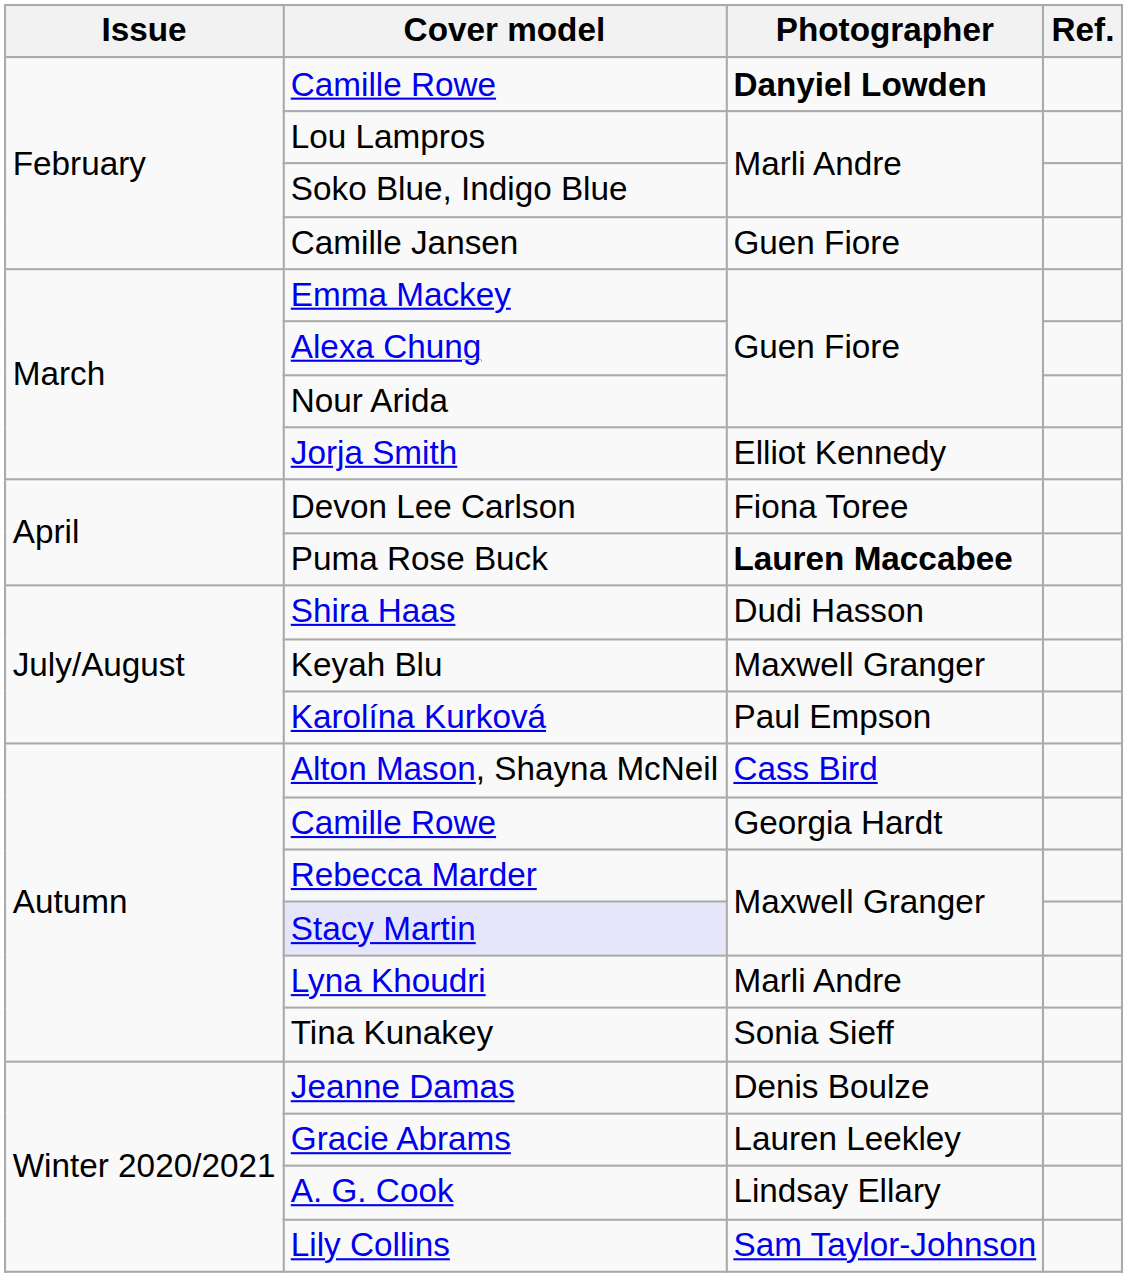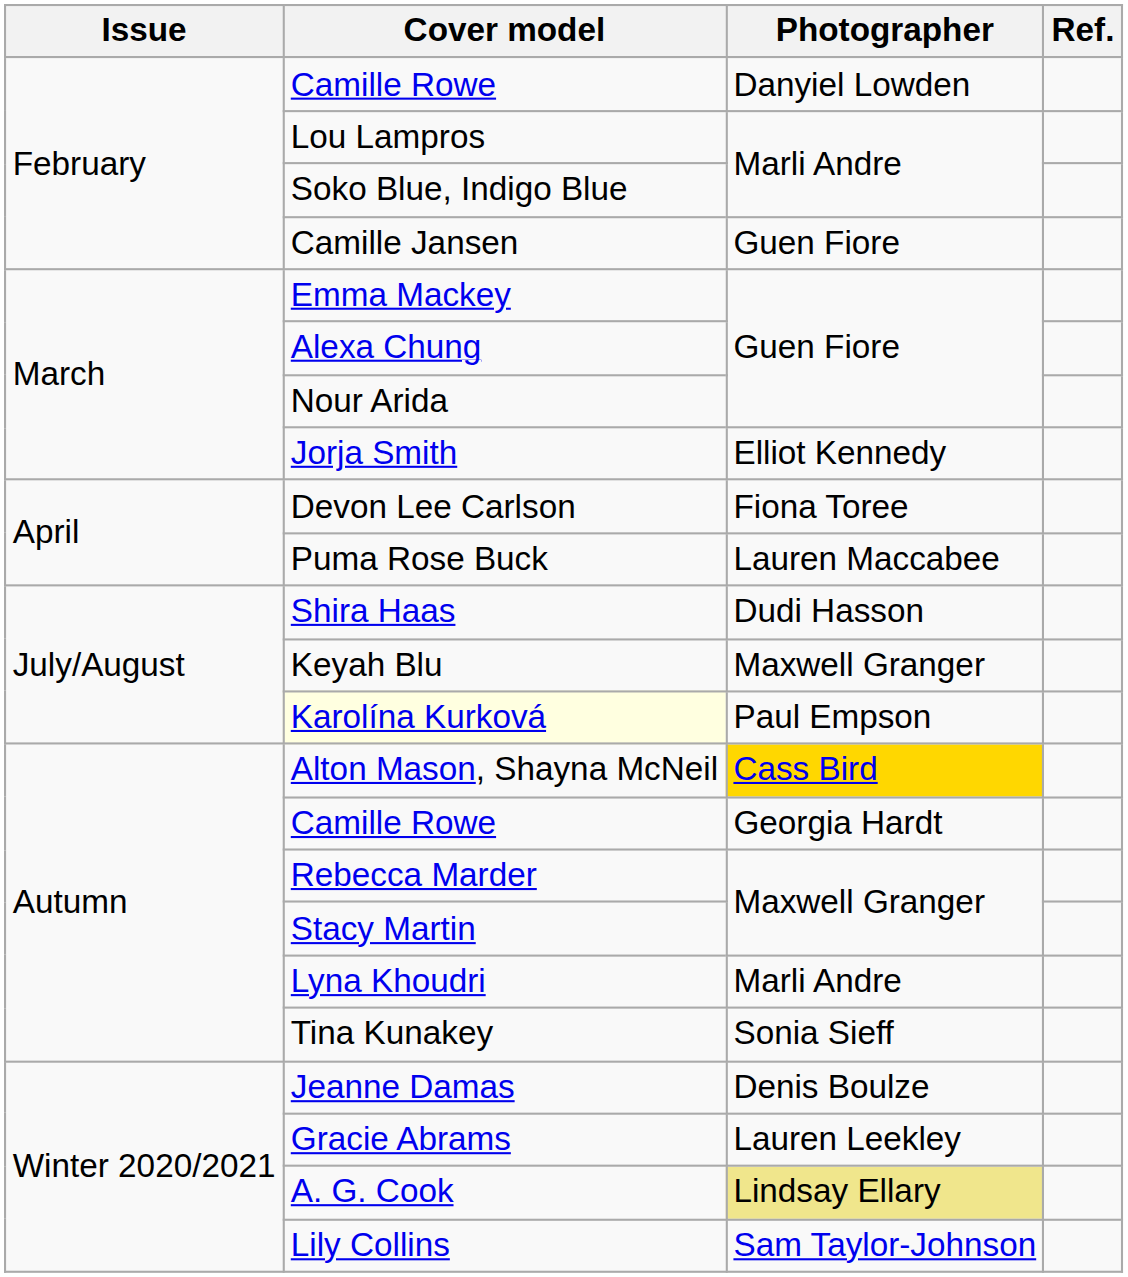 <table class="wikitable">
 <tr>
 <th>Issue</th>
 <th>Cover model</th>
 <th>Photographer</th>
 <th>Ref.</th>
 </tr>
 <tr>
 <td rowspan="4">February</td>
 <td><a href='#'>Camille Rowe</a></td>
-<td><strong>Danyiel Lowden</strong></td>
+<td>Danyiel Lowden</td>
 <td></td>
 </tr>
 <tr>
 <td>Lou Lampros</td>
 <td rowspan="2">Marli Andre</td>
 <td></td>
 </tr>
 <tr>
 <td>Soko Blue, Indigo Blue</td>
 <td></td>
 </tr>
 <tr>
 <td>Camille Jansen</td>
 <td>Guen Fiore</td>
 <td></td>
 </tr>
 <tr>
 <td rowspan="4">March</td>
 <td><a href='#'>Emma Mackey</a></td>
 <td rowspan="3">Guen Fiore</td>
 <td></td>
 </tr>
 <tr>
 <td><a href='#'>Alexa Chung</a></td>
 <td></td>
 </tr>
 <tr>
 <td>Nour Arida</td>
 <td></td>
 </tr>
 <tr>
 <td><a href='#'>Jorja Smith</a></td>
 <td>Elliot Kennedy</td>
 <td></td>
 </tr>
 <tr>
 <td rowspan="2">April</td>
 <td>Devon Lee Carlson</td>
 <td>Fiona Toree</td>
 <td></td>
 </tr>
 <tr>
 <td>Puma Rose Buck</td>
-<td><strong>Lauren Maccabee</strong></td>
+<td>Lauren Maccabee</td>
 <td></td>
 </tr>
 <tr>
 <td rowspan="3">July/August</td>
 <td><a href='#'>Shira Haas</a></td>
 <td>Dudi Hasson</td>
 <td></td>
 </tr>
 <tr>
 <td>Keyah Blu</td>
 <td>Maxwell Granger</td>
 <td></td>
 </tr>
 <tr>
-<td><a href='#'>Karolína Kurková</a></td>
+<td style="background: lightyellow;"><a href='#'>Karolína Kurková</a></td>
 <td>Paul Empson</td>
 <td></td>
 </tr>
 <tr>
 <td rowspan="6">Autumn</td>
 <td><a href='#'>Alton Mason</a>, Shayna McNeil</td>
-<td><a href='#'>Cass Bird</a></td>
+<td style="background: gold;"><a href='#'>Cass Bird</a></td>
 <td></td>
 </tr>
 <tr>
 <td><a href='#'>Camille Rowe</a></td>
 <td>Georgia Hardt</td>
 <td></td>
 </tr>
 <tr>
 <td><a href='#'>Rebecca Marder</a></td>
 <td rowspan="2">Maxwell Granger</td>
 <td></td>
 </tr>
 <tr>
-<td style="background: lavender;"><a href='#'>Stacy Martin</a></td>
+<td><a href='#'>Stacy Martin</a></td>
 <td></td>
 </tr>
 <tr>
 <td><a href='#'>Lyna Khoudri</a></td>
 <td>Marli Andre</td>
 <td></td>
 </tr>
 <tr>
 <td>Tina Kunakey</td>
 <td>Sonia Sieff</td>
 <td></td>
 </tr>
 <tr>
 <td rowspan="4">Winter 2020/2021</td>
 <td><a href='#'>Jeanne Damas</a></td>
 <td>Denis Boulze</td>
 <td></td>
 </tr>
 <tr>
 <td><a href='#'>Gracie Abrams</a></td>
 <td>Lauren Leekley</td>
 <td></td>
 </tr>
 <tr>
 <td><a href='#'>A. G. Cook</a></td>
-<td>Lindsay Ellary</td>
+<td style="background: khaki;">Lindsay Ellary</td>
 <td></td>
 </tr>
 <tr>
 <td><a href='#'>Lily Collins</a></td>
 <td><a href='#'>Sam Taylor-Johnson</a></td>
 <td></td>
 </tr>
 </table>
